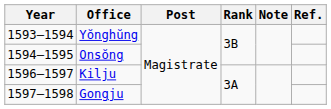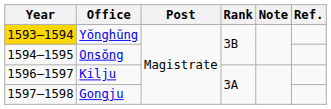 <table class="wikitable" style="float:right; clear:right; margin-left:8px">
 <tr>
 <th>Year</th>
 <th>Office</th>
 <th>Post</th>
 <th>Rank</th>
 <th>Note</th>
 <th>Ref.</th>
 </tr>
 <tr>
-<td>1593–1594</td>
+<td style="background: gold;">1593–1594</td>
 <td><a href='#'>Yŏnghŭng</a></td>
 <td rowspan="4">Magistrate</td>
 <td rowspan="2">3B</td>
 <td rowspan="2"></td>
 <td></td>
 </tr>
 <tr>
 <td>1594–1595</td>
 <td><a href='#'>Onsŏng</a></td>
 <td></td>
 </tr>
 <tr>
 <td>1596–1597</td>
 <td><a href='#'>Kilju</a></td>
 <td rowspan="2">3A</td>
 <td rowspan="2"></td>
 <td></td>
 </tr>
 <tr>
 <td>1597–1598</td>
 <td><a href='#'>Gongju</a></td>
 <td></td>
 </tr>
 </table>
